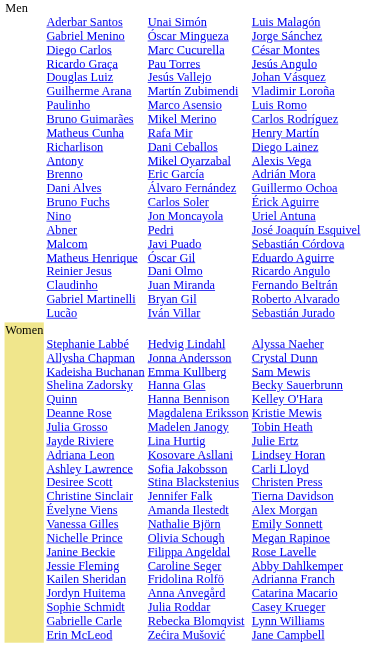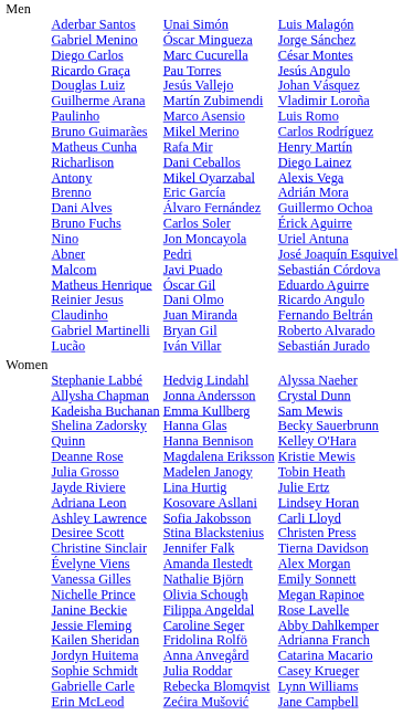 <table>
 <tr valign="top">
 <td>Men<br></td>
 <td><br><a href='#'>Aderbar Santos</a><br><a href='#'>Gabriel Menino</a><br><a href='#'>Diego Carlos</a><br><a href='#'>Ricardo Graça</a><br><a href='#'>Douglas Luiz</a><br><a href='#'>Guilherme Arana</a><br><a href='#'>Paulinho</a><br><a href='#'>Bruno Guimarães</a><br><a href='#'>Matheus Cunha</a><br><a href='#'>Richarlison</a><br><a href='#'>Antony</a><br><a href='#'>Brenno</a><br><a href='#'>Dani Alves</a><br><a href='#'>Bruno Fuchs</a><br><a href='#'>Nino</a><br><a href='#'>Abner</a><br><a href='#'>Malcom</a><br><a href='#'>Matheus Henrique</a><br><a href='#'>Reinier Jesus</a><br><a href='#'>Claudinho</a><br><a href='#'>Gabriel Martinelli</a><br><a href='#'>Lucão</a></td>
 <td><br><a href='#'>Unai Simón</a><br><a href='#'>Óscar Mingueza</a><br><a href='#'>Marc Cucurella</a><br><a href='#'>Pau Torres</a><br><a href='#'>Jesús Vallejo</a><br><a href='#'>Martín Zubimendi</a><br><a href='#'>Marco Asensio</a><br><a href='#'>Mikel Merino</a><br><a href='#'>Rafa Mir</a><br><a href='#'>Dani Ceballos</a><br><a href='#'>Mikel Oyarzabal</a><br><a href='#'>Eric García</a><br><a href='#'>Álvaro Fernández</a><br><a href='#'>Carlos Soler</a><br><a href='#'>Jon Moncayola</a><br><a href='#'>Pedri</a><br><a href='#'>Javi Puado</a><br><a href='#'>Óscar Gil</a><br><a href='#'>Dani Olmo</a><br><a href='#'>Juan Miranda</a><br><a href='#'>Bryan Gil</a><br><a href='#'>Iván Villar</a></td>
 <td><br><a href='#'>Luis Malagón</a><br><a href='#'>Jorge Sánchez</a><br><a href='#'>César Montes</a><br><a href='#'>Jesús Angulo</a><br><a href='#'>Johan Vásquez</a><br><a href='#'>Vladimir Loroña</a><br><a href='#'>Luis Romo</a><br><a href='#'>Carlos Rodríguez</a><br><a href='#'>Henry Martín</a><br><a href='#'>Diego Lainez</a><br><a href='#'>Alexis Vega</a><br><a href='#'>Adrián Mora</a><br><a href='#'>Guillermo Ochoa</a><br><a href='#'>Érick Aguirre</a><br><a href='#'>Uriel Antuna</a><br><a href='#'>José Joaquín Esquivel</a><br><a href='#'>Sebastián Córdova</a><br><a href='#'>Eduardo Aguirre</a><br><a href='#'>Ricardo Angulo</a><br><a href='#'>Fernando Beltrán</a><br><a href='#'>Roberto Alvarado</a><br><a href='#'>Sebastián Jurado</a></td>
 </tr>
 <tr valign="top">
-<td style="background: khaki;">Women<br></td>
+<td>Women<br></td>
 <td><br><a href='#'>Stephanie Labbé</a><br><a href='#'>Allysha Chapman</a><br><a href='#'>Kadeisha Buchanan</a><br><a href='#'>Shelina Zadorsky</a><br><a href='#'>Quinn</a><br><a href='#'>Deanne Rose</a><br><a href='#'>Julia Grosso</a><br><a href='#'>Jayde Riviere</a><br><a href='#'>Adriana Leon</a><br><a href='#'>Ashley Lawrence</a><br><a href='#'>Desiree Scott</a><br><a href='#'>Christine Sinclair</a><br><a href='#'>Évelyne Viens</a><br><a href='#'>Vanessa Gilles</a><br><a href='#'>Nichelle Prince</a><br><a href='#'>Janine Beckie</a><br><a href='#'>Jessie Fleming</a><br><a href='#'>Kailen Sheridan</a><br><a href='#'>Jordyn Huitema</a><br><a href='#'>Sophie Schmidt</a><br><a href='#'>Gabrielle Carle</a><br><a href='#'>Erin McLeod</a></td>
 <td><br><a href='#'>Hedvig Lindahl</a><br><a href='#'>Jonna Andersson</a><br><a href='#'>Emma Kullberg</a><br><a href='#'>Hanna Glas</a><br><a href='#'>Hanna Bennison</a><br><a href='#'>Magdalena Eriksson</a><br><a href='#'>Madelen Janogy</a><br><a href='#'>Lina Hurtig</a><br><a href='#'>Kosovare Asllani</a><br><a href='#'>Sofia Jakobsson</a><br><a href='#'>Stina Blackstenius</a><br><a href='#'>Jennifer Falk</a><br><a href='#'>Amanda Ilestedt</a><br><a href='#'>Nathalie Björn</a><br><a href='#'>Olivia Schough</a><br><a href='#'>Filippa Angeldal</a><br><a href='#'>Caroline Seger</a><br><a href='#'>Fridolina Rolfö</a><br><a href='#'>Anna Anvegård</a><br><a href='#'>Julia Roddar</a><br><a href='#'>Rebecka Blomqvist</a><br><a href='#'>Zećira Mušović</a></td>
 <td><br><a href='#'>Alyssa Naeher</a><br><a href='#'>Crystal Dunn</a><br><a href='#'>Sam Mewis</a><br><a href='#'>Becky Sauerbrunn</a><br><a href='#'>Kelley O'Hara</a><br><a href='#'>Kristie Mewis</a><br><a href='#'>Tobin Heath</a><br><a href='#'>Julie Ertz</a><br><a href='#'>Lindsey Horan</a><br><a href='#'>Carli Lloyd</a><br><a href='#'>Christen Press</a><br><a href='#'>Tierna Davidson</a><br><a href='#'>Alex Morgan</a><br><a href='#'>Emily Sonnett</a><br><a href='#'>Megan Rapinoe</a><br><a href='#'>Rose Lavelle</a><br><a href='#'>Abby Dahlkemper</a><br><a href='#'>Adrianna Franch</a><br><a href='#'>Catarina Macario</a><br><a href='#'>Casey Krueger</a><br><a href='#'>Lynn Williams</a><br><a href='#'>Jane Campbell</a></td>
 </tr>
 </table>
